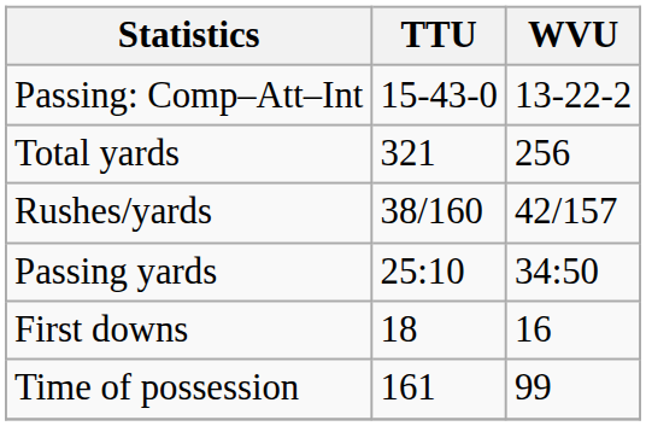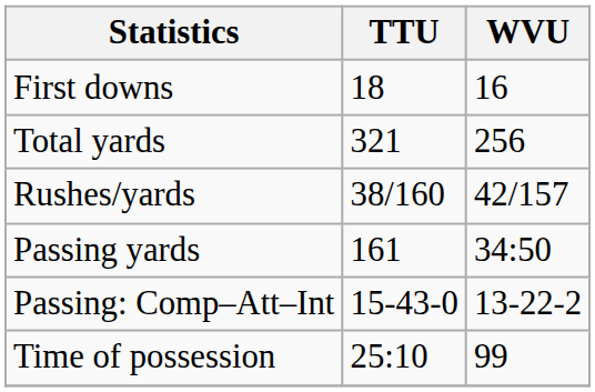 <table class="wikitable" style="float: left;">
 <tr>
 <th>Statistics</th>
 <th>TTU</th>
 <th>WVU</th>
 </tr>
 <tr>
-<td>Passing: Comp–Att–Int</td>
-<td>15-43-0</td>
-<td>13-22-2</td>
+<td>First downs</td>
+<td>18</td>
+<td>16</td>
 </tr>
 <tr>
 <td>Total yards</td>
 <td>321</td>
 <td>256</td>
 </tr>
 <tr>
 <td>Rushes/yards</td>
 <td>38/160</td>
 <td>42/157</td>
 </tr>
 <tr>
 <td>Passing yards</td>
-<td>25:10</td>
+<td>161</td>
 <td>34:50</td>
 </tr>
 <tr>
-<td>First downs</td>
-<td>18</td>
-<td>16</td>
+<td>Passing: Comp–Att–Int</td>
+<td>15-43-0</td>
+<td>13-22-2</td>
 </tr>
 <tr>
 <td>Time of possession</td>
-<td>161</td>
+<td>25:10</td>
 <td>99</td>
 </tr>
 <tr>
 </tr>
 </table>
